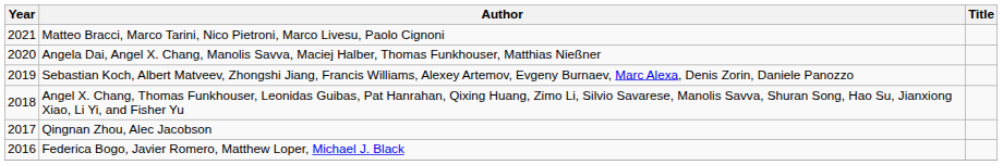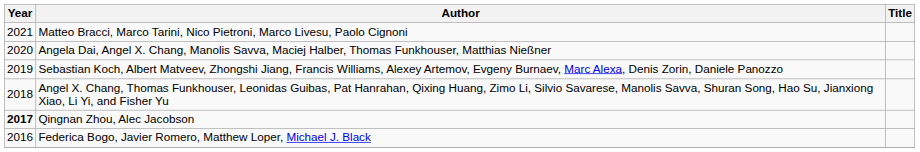 <table class="wikitable">
 <tr>
 <th>Year</th>
 <th>Author</th>
 <th>Title</th>
 </tr>
 <tr>
 <td>2021</td>
 <td>Matteo Bracci, Marco Tarini, Nico Pietroni, Marco Livesu, Paolo Cignoni</td>
 <td></td>
 </tr>
 <tr>
 <td>2020</td>
 <td>Angela Dai, Angel X. Chang, Manolis Savva, Maciej Halber, Thomas Funkhouser, Matthias Nießner</td>
 <td></td>
 </tr>
 <tr>
 <td>2019</td>
 <td>Sebastian Koch, Albert Matveev, Zhongshi Jiang, Francis Williams, Alexey Artemov, Evgeny Burnaev, <a href='#'>Marc Alexa</a>, Denis Zorin, Daniele Panozzo</td>
 <td></td>
 </tr>
 <tr>
 <td>2018</td>
 <td>Angel X. Chang, Thomas Funkhouser, Leonidas Guibas, Pat Hanrahan, Qixing Huang, Zimo Li, Silvio Savarese, Manolis Savva, Shuran Song, Hao Su, Jianxiong Xiao, Li Yi, and Fisher Yu</td>
 <td></td>
 </tr>
 <tr>
-<td>2017</td>
+<td><strong>2017</strong></td>
 <td>Qingnan Zhou, Alec Jacobson</td>
 <td></td>
 </tr>
 <tr>
 <td>2016</td>
 <td>Federica Bogo, Javier Romero, Matthew Loper, <a href='#'>Michael J. Black</a></td>
 <td></td>
 </tr>
 <tr>
 </tr>
 </table>
